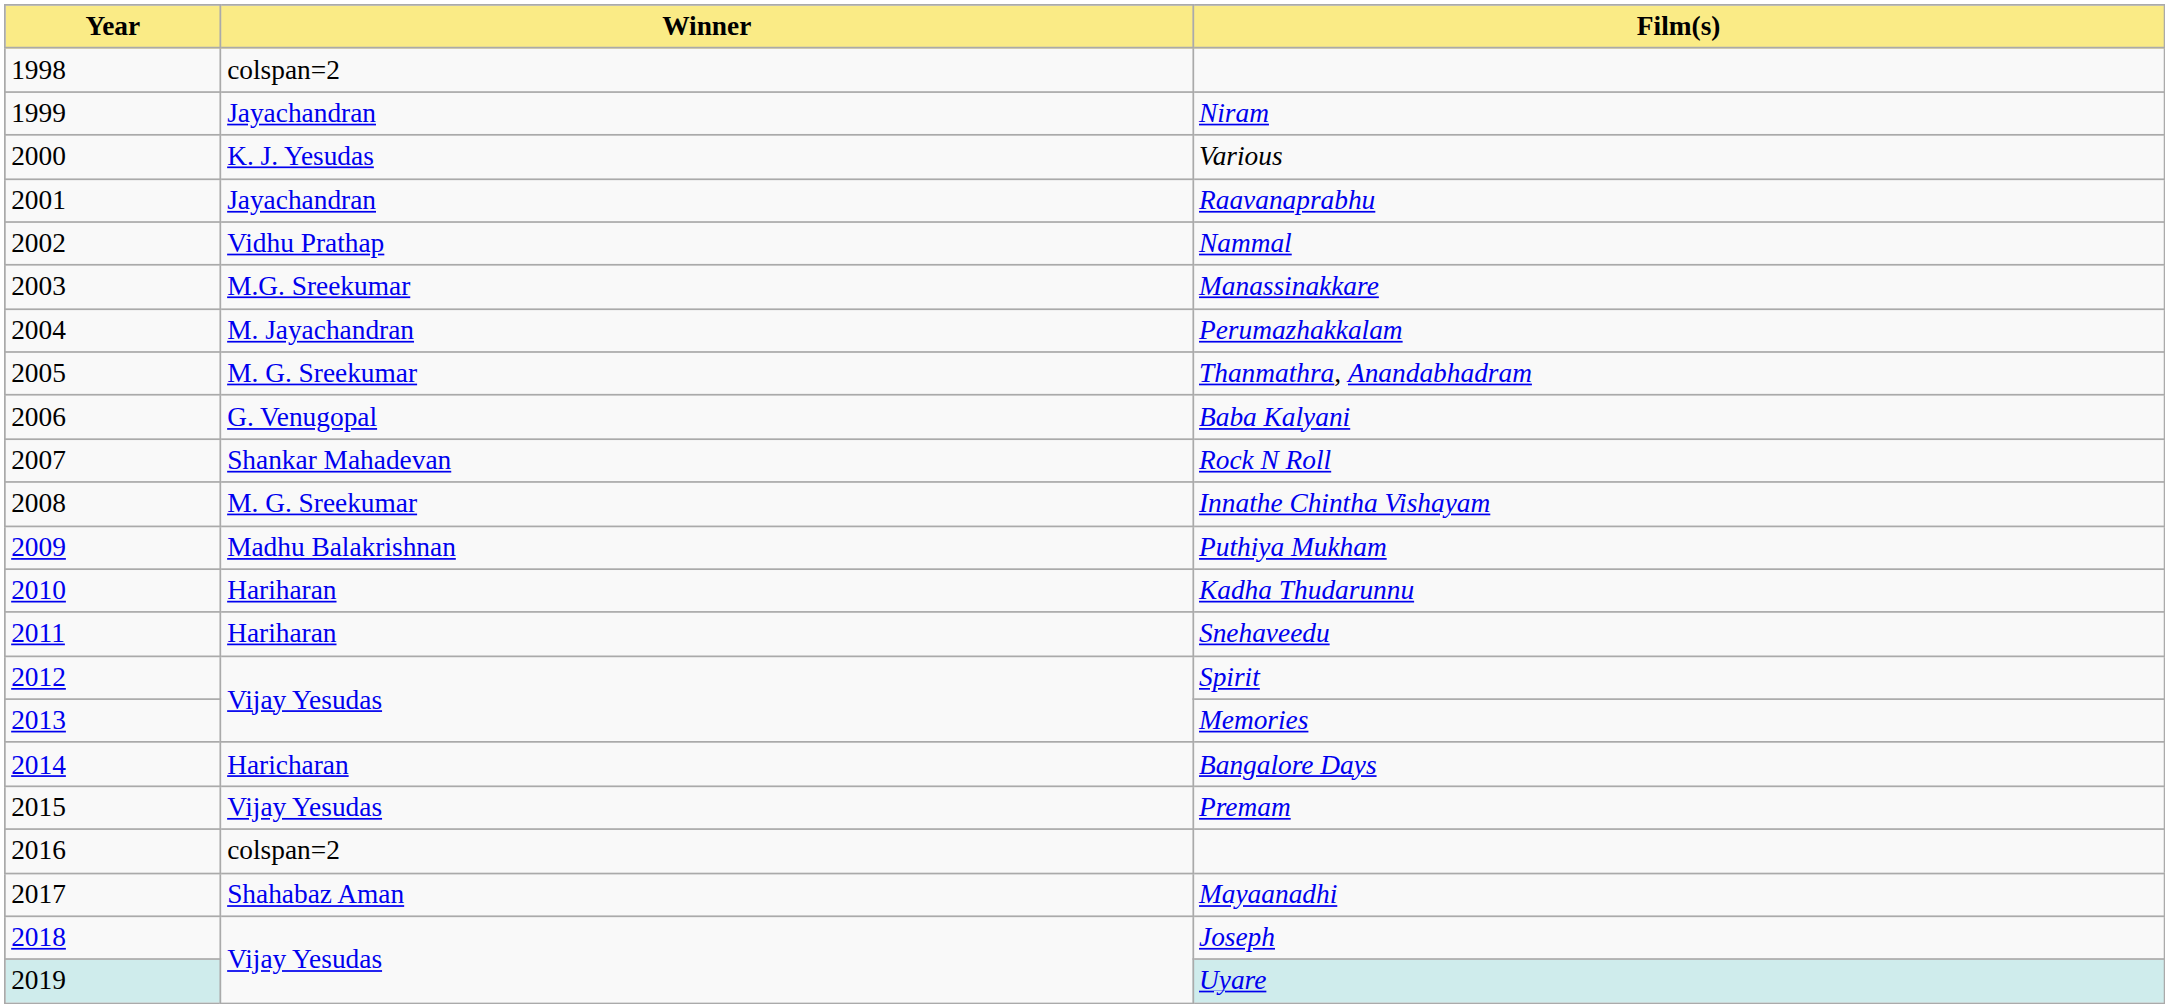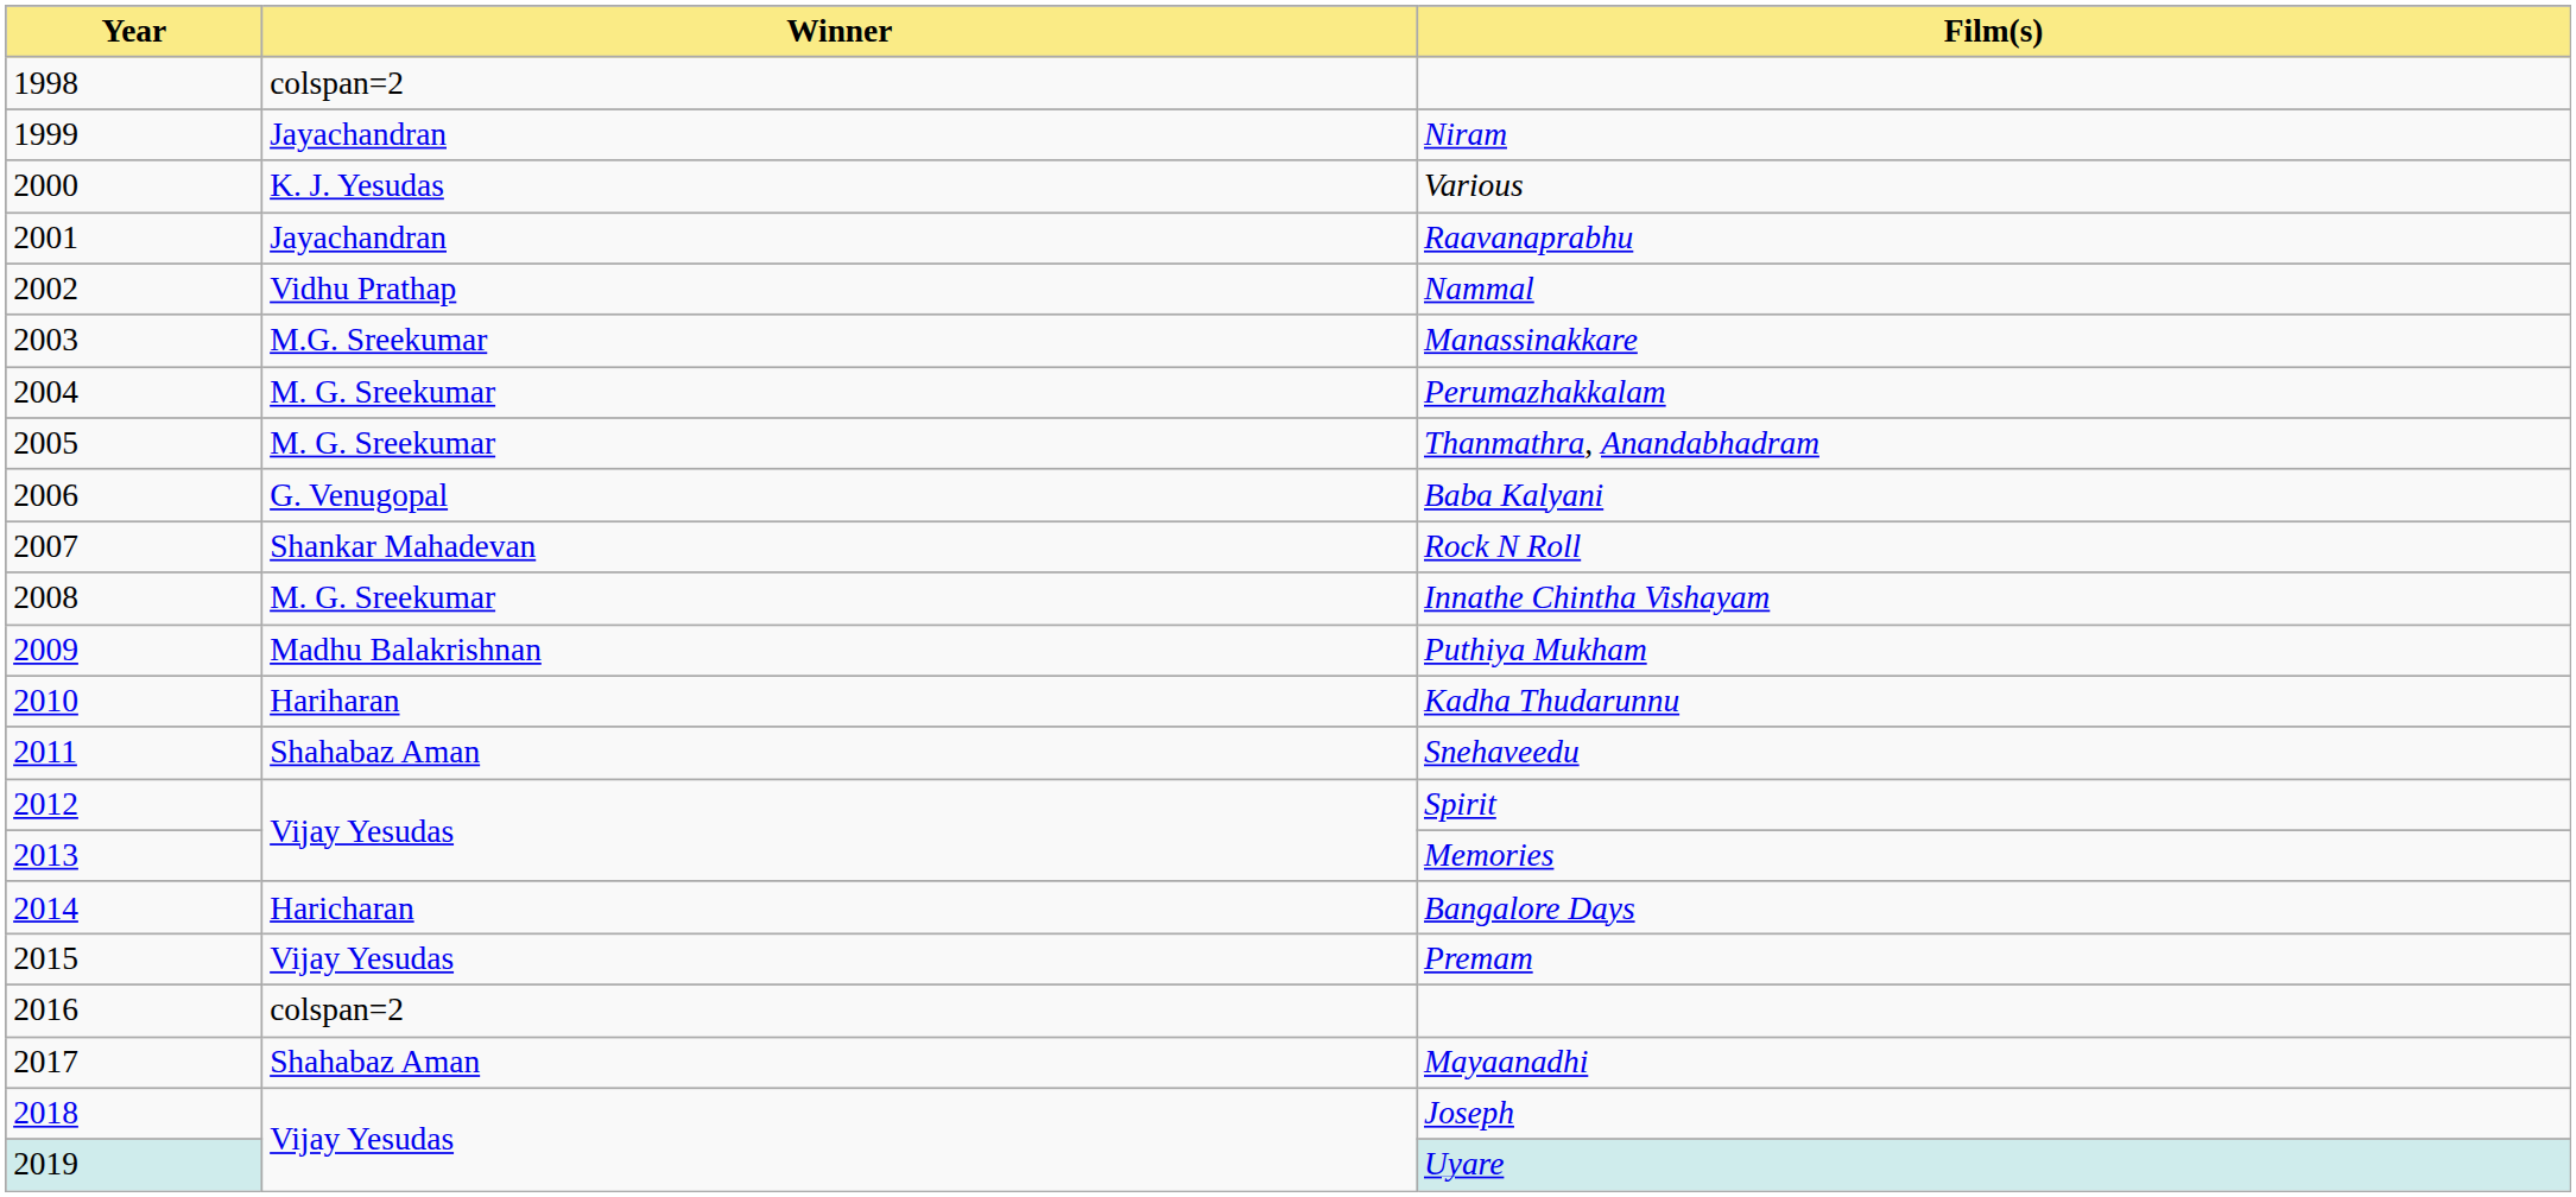 <table class="wikitable" style="width:100%">
 <tr bgcolor="#bebebe">
 <th width="10%" style="background:#FAEB86">Year</th>
 <th width="45%" style="background:#FAEB86">Winner</th>
 <th width="45%" style="background:#FAEB86">Film(s)</th>
 </tr>
 <tr>
 <td>1998</td>
 <td>colspan=2 </td>
 </tr>
 <tr>
 <td>1999</td>
 <td><a href='#'>Jayachandran</a></td>
 <td><em><a href='#'>Niram</a></em></td>
 </tr>
 <tr>
 <td>2000</td>
 <td><a href='#'>K. J. Yesudas</a></td>
 <td><em>Various</em></td>
 </tr>
 <tr>
 <td>2001</td>
 <td><a href='#'>Jayachandran</a></td>
 <td><em><a href='#'>Raavanaprabhu</a></em></td>
 </tr>
 <tr>
 <td>2002</td>
 <td><a href='#'>Vidhu Prathap</a></td>
 <td><em><a href='#'>Nammal</a></em></td>
 </tr>
 <tr>
 <td>2003</td>
 <td><a href='#'>M.G. Sreekumar</a></td>
 <td><em><a href='#'>Manassinakkare</a></em></td>
 </tr>
 <tr>
 <td>2004</td>
-<td><a href='#'>M. Jayachandran</a></td>
+<td><a href='#'>M. G. Sreekumar</a></td>
 <td><em><a href='#'>Perumazhakkalam</a></em></td>
 </tr>
 <tr>
 <td>2005</td>
 <td><a href='#'>M. G. Sreekumar</a></td>
 <td><em><a href='#'>Thanmathra</a></em>, <em><a href='#'>Anandabhadram</a></em></td>
 </tr>
 <tr>
 <td>2006</td>
 <td><a href='#'>G. Venugopal</a></td>
 <td><em><a href='#'>Baba Kalyani</a></em></td>
 </tr>
 <tr>
 <td>2007</td>
 <td><a href='#'>Shankar Mahadevan</a></td>
 <td><em><a href='#'>Rock N Roll</a></em></td>
 </tr>
 <tr>
 <td>2008</td>
 <td><a href='#'>M. G. Sreekumar</a></td>
 <td><em><a href='#'>Innathe Chintha Vishayam</a></em></td>
 </tr>
 <tr>
 <td><a href='#'>2009</a></td>
 <td><a href='#'>Madhu Balakrishnan</a></td>
 <td><em><a href='#'>Puthiya Mukham</a></em></td>
 </tr>
 <tr>
 <td><a href='#'>2010</a></td>
 <td><a href='#'>Hariharan</a></td>
 <td><em><a href='#'>Kadha Thudarunnu</a></em></td>
 </tr>
 <tr>
 <td><a href='#'>2011</a></td>
-<td><a href='#'>Hariharan</a></td>
+<td><a href='#'>Shahabaz Aman</a></td>
 <td><em><a href='#'>Snehaveedu</a></em></td>
 </tr>
 <tr>
 <td><a href='#'>2012</a></td>
 <td rowspan="2"><a href='#'>Vijay Yesudas</a></td>
 <td><em><a href='#'>Spirit</a></em></td>
 </tr>
 <tr>
 <td><a href='#'>2013</a></td>
 <td><em><a href='#'>Memories</a></em></td>
 </tr>
 <tr>
 <td><a href='#'>2014</a></td>
 <td><a href='#'>Haricharan</a></td>
 <td><em><a href='#'>Bangalore Days</a></em></td>
 </tr>
 <tr>
 <td>2015</td>
 <td><a href='#'>Vijay Yesudas</a></td>
 <td><em><a href='#'>Premam</a></em></td>
 </tr>
 <tr>
 <td>2016</td>
 <td>colspan=2 </td>
 </tr>
 <tr>
 <td>2017</td>
 <td><a href='#'>Shahabaz Aman</a></td>
 <td><em><a href='#'>Mayaanadhi</a></em></td>
 </tr>
 <tr>
 <td><a href='#'>2018</a></td>
 <td rowspan="2"><a href='#'>Vijay Yesudas</a></td>
 <td><em><a href='#'>Joseph</a></em></td>
 </tr>
 <tr bgcolor="#cfecec">
 <td>2019</td>
 <td><em><a href='#'>Uyare</a></em></td>
 </tr>
 </table>
